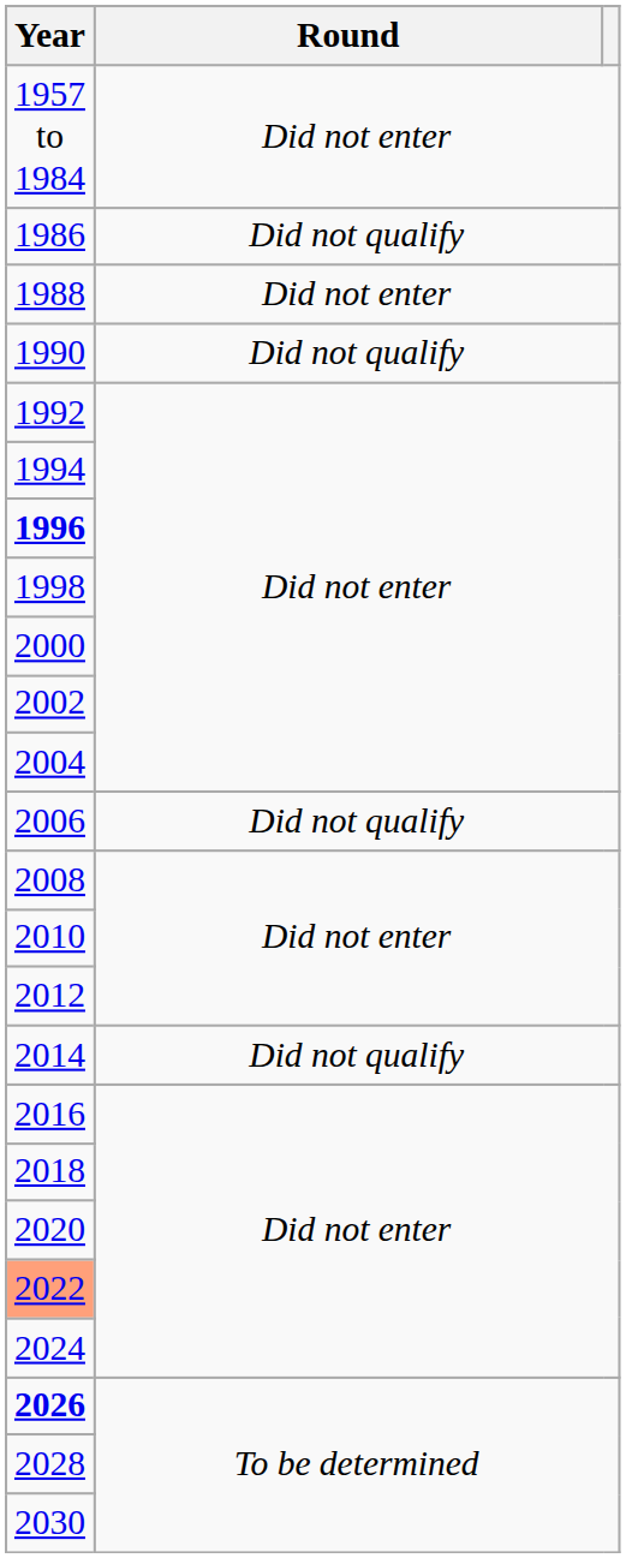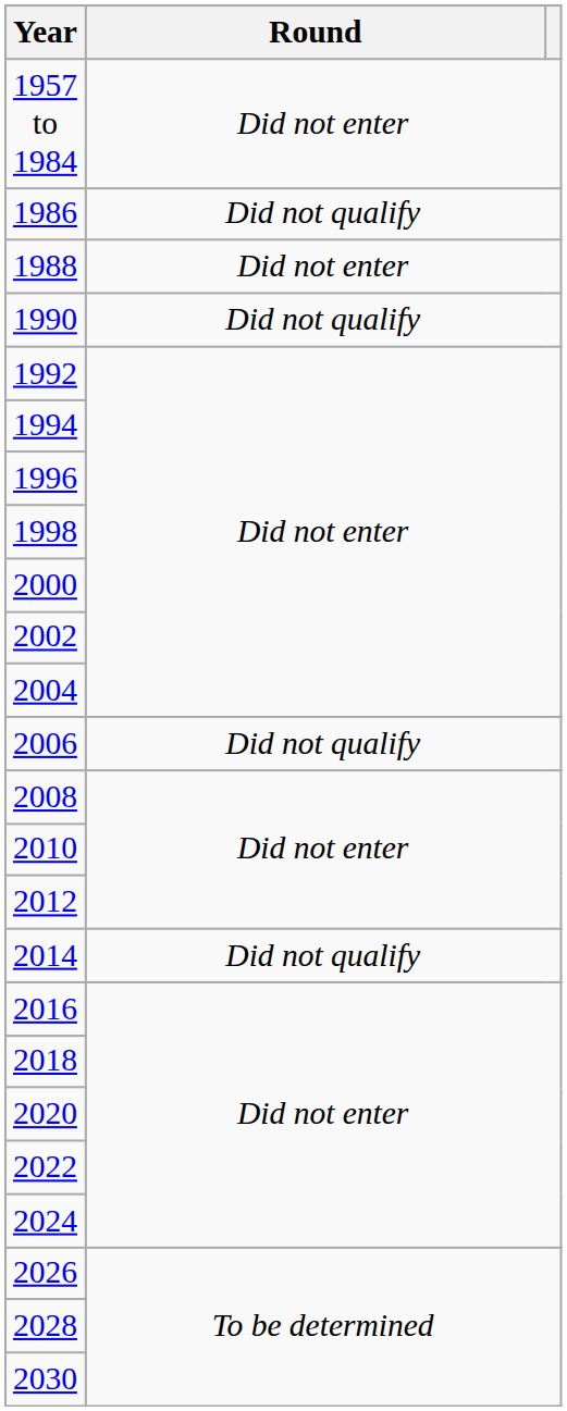 <table class="wikitable" style="text-align: center; font-size:90%">
 <tr>
 <th>Year</th>
 <th style="width:200px">Round</th>
 <th></th>
 </tr>
 <tr>
 <td><a href='#'>1957</a><br>to<br><a href='#'>1984</a></td>
 <td colspan="2"><em>Did not enter</em></td>
 </tr>
 <tr>
 <td><a href='#'>1986</a></td>
 <td colspan="2"><em>Did not qualify</em></td>
 </tr>
 <tr>
 <td><a href='#'>1988</a></td>
 <td colspan="2"><em>Did not enter</em></td>
 </tr>
 <tr>
 <td><a href='#'>1990</a></td>
 <td colspan="2"><em>Did not qualify</em></td>
 </tr>
 <tr>
 <td><a href='#'>1992</a></td>
 <td colspan="2" rowspan="7"><em>Did not enter</em></td>
 </tr>
 <tr>
 <td><a href='#'>1994</a></td>
 </tr>
 <tr>
-<td><strong><a href='#'>1996</a></strong></td>
+<td><a href='#'>1996</a></td>
 </tr>
 <tr>
 <td><a href='#'>1998</a></td>
 </tr>
 <tr>
 <td><a href='#'>2000</a></td>
 </tr>
 <tr>
 <td><a href='#'>2002</a></td>
 </tr>
 <tr>
 <td><a href='#'>2004</a></td>
 </tr>
 <tr>
 <td><a href='#'>2006</a></td>
 <td colspan="2"><em>Did not qualify</em></td>
 </tr>
 <tr>
 <td><a href='#'>2008</a></td>
 <td colspan="2" rowspan="3"><em>Did not enter</em></td>
 </tr>
 <tr>
 <td><a href='#'>2010</a></td>
 </tr>
 <tr>
 <td><a href='#'>2012</a></td>
 </tr>
 <tr>
 <td><a href='#'>2014</a></td>
 <td colspan="2"><em>Did not qualify</em></td>
 </tr>
 <tr>
 <td><a href='#'>2016</a></td>
 <td colspan="2" rowspan="5"><em>Did not enter</em></td>
 </tr>
 <tr>
 <td><a href='#'>2018</a></td>
 </tr>
 <tr>
 <td><a href='#'>2020</a></td>
 </tr>
 <tr>
-<td style="background: lightsalmon;"><a href='#'>2022</a></td>
+<td><a href='#'>2022</a></td>
 </tr>
 <tr>
 <td><a href='#'>2024</a></td>
 </tr>
 <tr>
-<td><strong><a href='#'>2026</a></strong></td>
+<td><a href='#'>2026</a></td>
 <td colspan="2" rowspan="3"><em>To be determined</em></td>
 </tr>
 <tr>
 <td><a href='#'>2028</a></td>
 </tr>
 <tr>
 <td><a href='#'>2030</a></td>
 </tr>
 </table>
